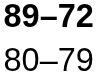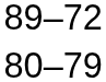 <table style="text-align:center">
 <tr>
 <th width=200></th>
 <th width=100></th>
 <th width=200></th>
 <th></th>
 </tr>
 <tr>
 <td align=right><strong></strong></td>
-<td><strong>89–72</strong></td>
+<td>89–72</td>
 <td align=left></td>
 </tr>
 <tr>
 <td align=right><strong></strong></td>
 <td>80–79</td>
 <td align=left></td>
 </tr>
 </table>
